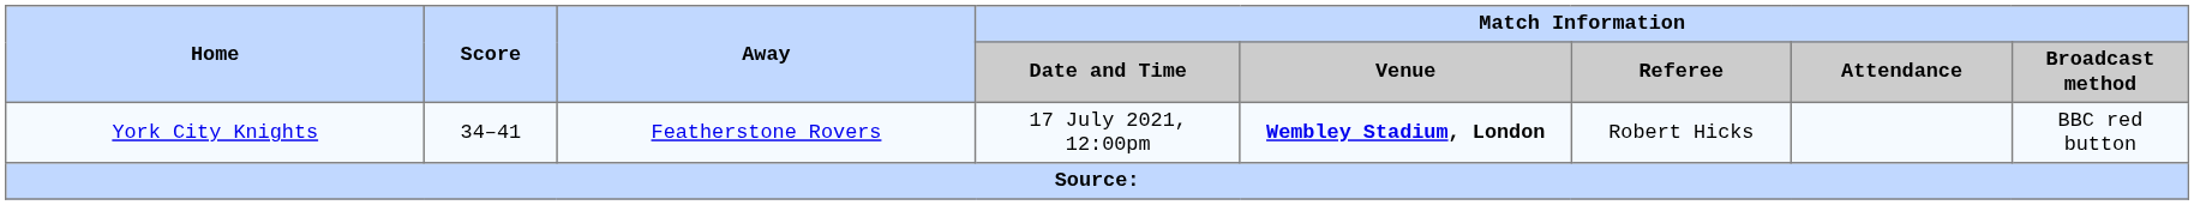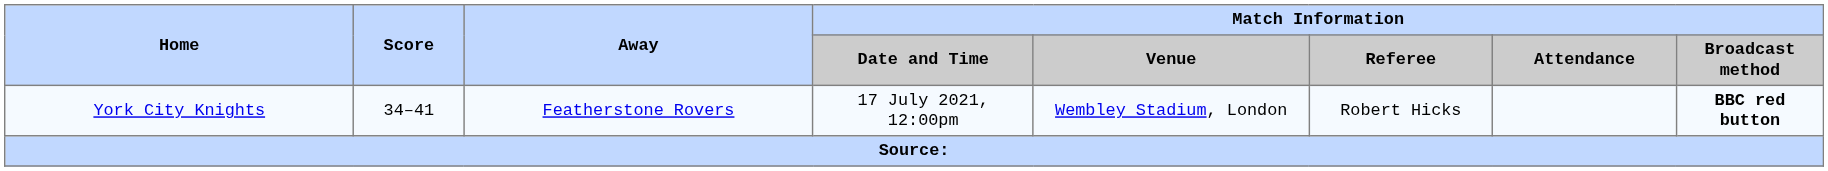 <table border=1 style="border-collapse:collapse; font-size:90%; text-align:center"; cellpadding=3 cellspacing=0 width=100%>
 <tr bgcolor="#c1d8ff">
 <th rowspan=2 width=19%>Home</th>
 <th rowspan=2 width=6%>Score</th>
 <th rowspan=2 width=19%>Away</th>
 <th colspan=5>Match Information</th>
 </tr>
 <tr bgcolor="#cccccc">
 <th width=12%>Date and Time</th>
 <th width=15%>Venue</th>
 <th width=10%>Referee</th>
 <th width=10%>Attendance</th>
 <th width=8%>Broadcast method</th>
 </tr>
 <tr bgcolor=#f5faff>
 <td> <a href='#'>York City Knights</a></td>
 <td>34–41</td>
 <td> <a href='#'>Featherstone Rovers</a></td>
 <td>17 July 2021, 12:00pm</td>
-<td><strong><a href='#'>Wembley Stadium</a>, London</strong></td>
+<td><a href='#'>Wembley Stadium</a>, London</td>
 <td>Robert Hicks</td>
 <td></td>
-<td>BBC red button</td>
+<td><strong>BBC red button</strong></td>
 </tr>
 <tr bgcolor=#c1d8ff>
 <th colspan=8>Source:</th>
 </tr>
 </table>
